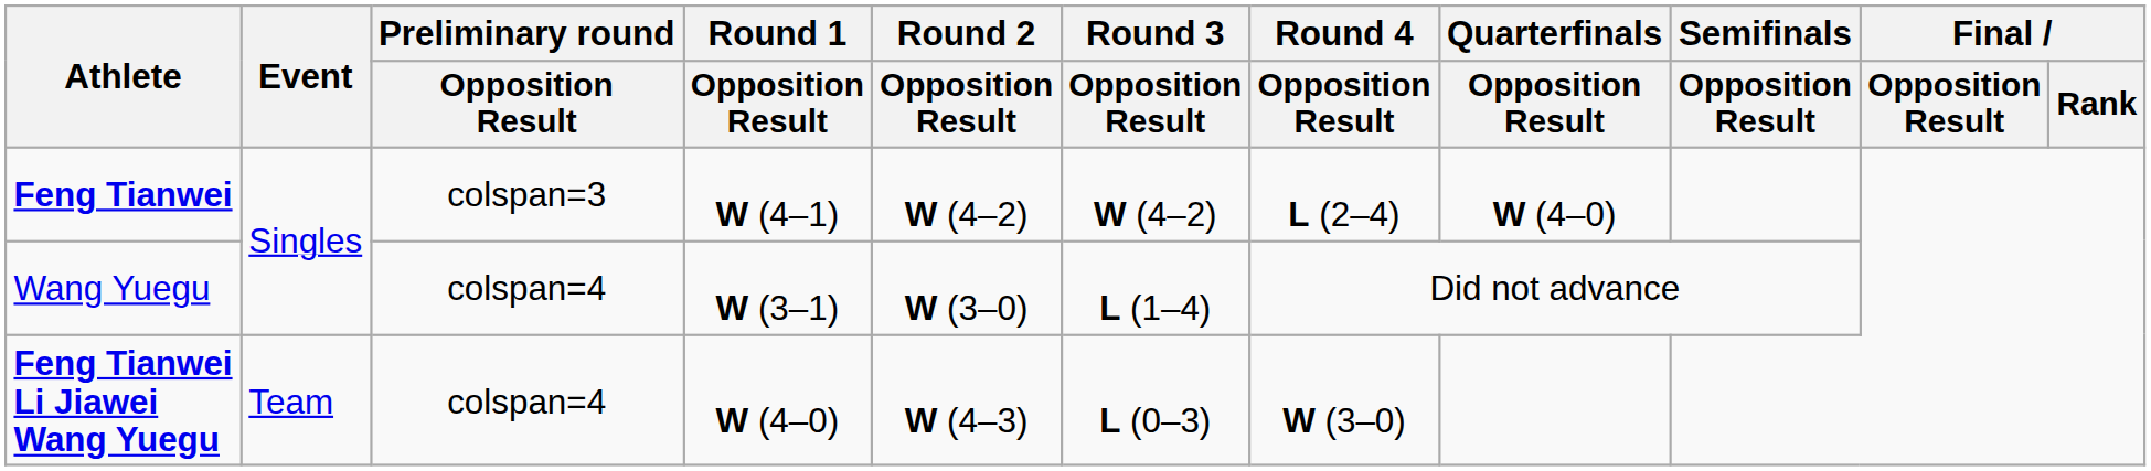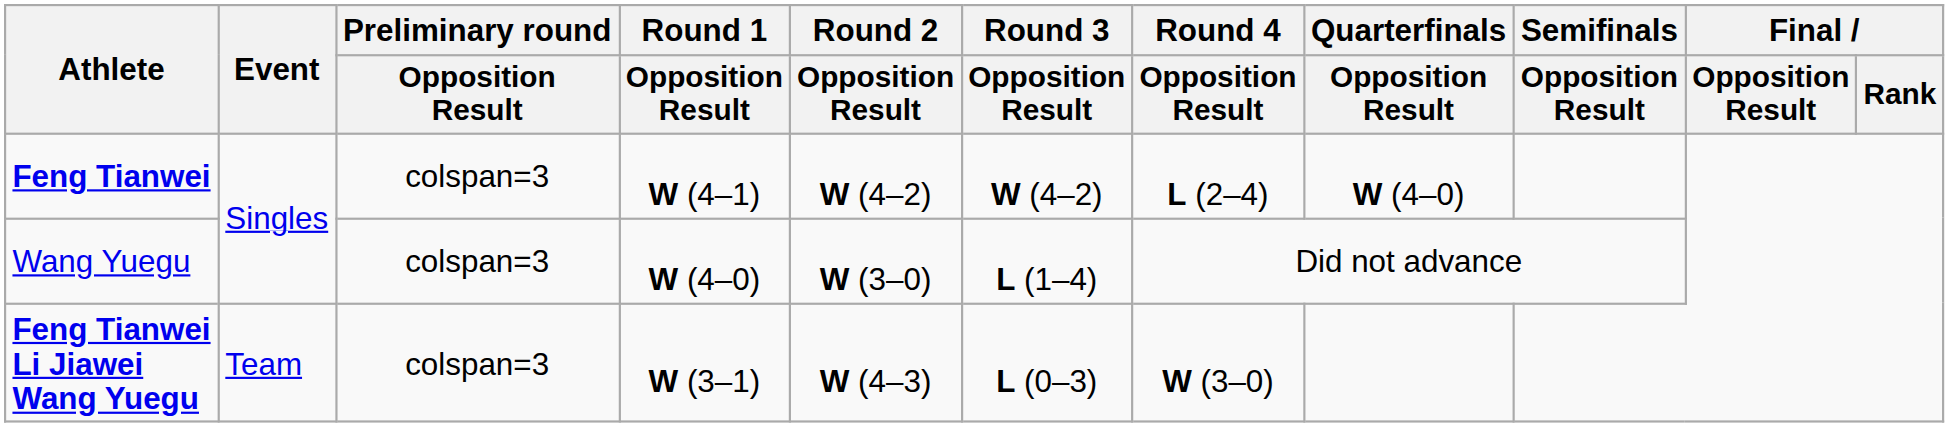 <table class="wikitable" style="font-size:90%">
 <tr>
 <th rowspan="2">Athlete</th>
 <th rowspan="2">Event</th>
 <th>Preliminary round</th>
 <th>Round 1</th>
 <th>Round 2</th>
 <th>Round 3</th>
 <th>Round 4</th>
 <th>Quarterfinals</th>
 <th>Semifinals</th>
 <th colspan=2>Final / </th>
 </tr>
 <tr style="font-size:95%">
 <th>Opposition<br>Result</th>
 <th>Opposition<br>Result</th>
 <th>Opposition<br>Result</th>
 <th>Opposition<br>Result</th>
 <th>Opposition<br>Result</th>
 <th>Opposition<br>Result</th>
 <th>Opposition<br>Result</th>
 <th>Opposition<br>Result</th>
 <th>Rank</th>
 </tr>
 <tr align=center>
 <td align=left><strong><a href='#'>Feng Tianwei</a></strong></td>
 <td align=left rowspan=2><a href='#'>Singles</a></td>
 <td>colspan=3 </td>
 <td><br><strong>W</strong> (4–1)</td>
 <td><br><strong>W</strong> (4–2)</td>
 <td><br><strong>W</strong> (4–2)</td>
 <td><br> <strong>L</strong> (2–4)</td>
 <td> <br> <strong>W</strong> (4–0)</td>
 <td></td>
 </tr>
 <tr align=center>
 <td align=left><a href='#'>Wang Yuegu</a></td>
-<td>colspan=4 </td>
-<td><br> <strong>W</strong> (3–1)</td>
+<td>colspan=3 </td>
+<td><br><strong>W</strong> (4–0)</td>
 <td><br> <strong>W</strong> (3–0)</td>
 <td><br><strong>L</strong> (1–4)</td>
 <td colspan=3>Did not advance</td>
 </tr>
 <tr align=center>
 <td align=left><strong><a href='#'>Feng Tianwei</a><br><a href='#'>Li Jiawei</a><br><a href='#'>Wang Yuegu</a></strong></td>
 <td align=left><a href='#'>Team</a></td>
-<td>colspan=4 </td>
-<td><br><strong>W</strong> (4–0)</td>
+<td>colspan=3 </td>
+<td><br> <strong>W</strong> (3–1)</td>
 <td><br><strong>W</strong> (4–3)</td>
 <td><br> <strong>L</strong> (0–3)</td>
 <td><br> <strong>W</strong> (3–0)</td>
 <td></td>
 </tr>
 </table>
